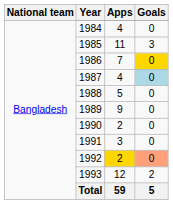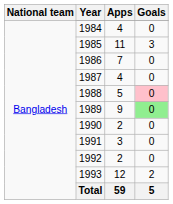 <table class="wikitable" style="text-align: center;">
 <tr>
 <th>National team</th>
 <th>Year</th>
 <th>Apps</th>
 <th>Goals</th>
 </tr>
 <tr>
 <td rowspan="12"><a href='#'>Bangladesh</a></td>
 </tr>
 <tr>
 <td>1984</td>
 <td>4</td>
 <td>0</td>
 </tr>
 <tr>
 <td>1985</td>
 <td>11</td>
 <td>3</td>
 </tr>
 <tr>
 <td>1986</td>
 <td>7</td>
-<td style="background: gold;">0</td>
+<td>0</td>
 </tr>
 <tr>
 <td>1987</td>
 <td>4</td>
-<td style="background: lightblue;">0</td>
+<td>0</td>
 </tr>
 <tr>
 <td>1988</td>
 <td>5</td>
-<td>0</td>
+<td style="background: pink;">0</td>
 </tr>
 <tr>
 <td>1989</td>
 <td>9</td>
-<td>0</td>
+<td style="background: lightgreen;">0</td>
 </tr>
 <tr>
 <td>1990</td>
 <td>2</td>
 <td>0</td>
 </tr>
 <tr>
 <td>1991</td>
 <td>3</td>
 <td>0</td>
 </tr>
 <tr>
 <td>1992</td>
-<td style="background: gold;">2</td>
-<td style="background: lightsalmon;">0</td>
+<td>2</td>
+<td>0</td>
 </tr>
 <tr>
 <td>1993</td>
 <td>12</td>
 <td>2</td>
 </tr>
 <tr>
 <th>Total</th>
 <th>59</th>
 <th>5</th>
 </tr>
 </table>
